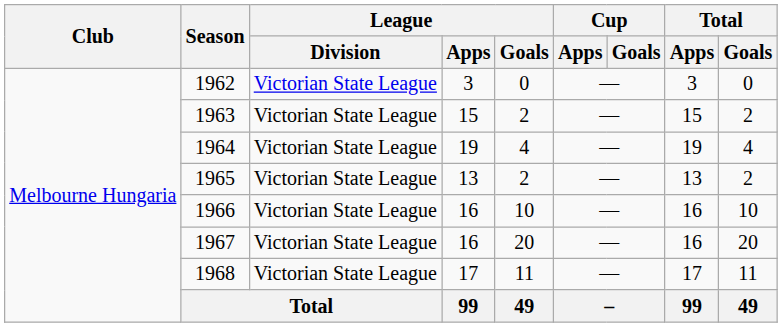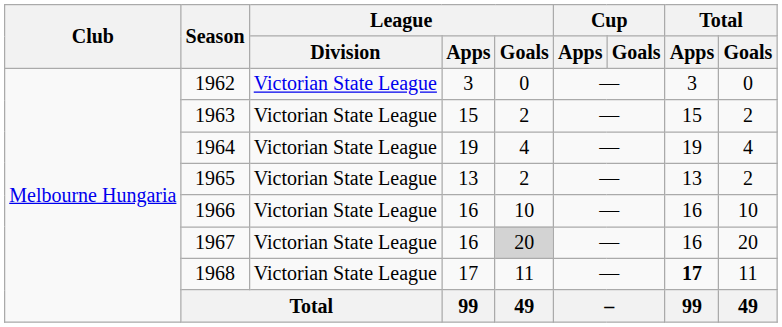 <table class="wikitable" style="text-align:center">
 <tr>
 <th rowspan=2>Club</th>
 <th rowspan=2>Season</th>
 <th colspan=3>League</th>
 <th colspan=2>Cup</th>
 <th colspan=2>Total</th>
 </tr>
 <tr>
 <th>Division</th>
 <th>Apps</th>
 <th>Goals</th>
 <th>Apps</th>
 <th>Goals</th>
 <th>Apps</th>
 <th>Goals</th>
 </tr>
 <tr>
 <td rowspan="8"><a href='#'>Melbourne Hungaria</a></td>
 <td>1962</td>
 <td><a href='#'>Victorian State League</a></td>
 <td>3</td>
 <td>0</td>
 <td colspan=2>—</td>
 <td>3</td>
 <td>0</td>
 </tr>
 <tr>
 <td>1963</td>
 <td>Victorian State League</td>
 <td>15</td>
 <td>2</td>
 <td colspan=2>—</td>
 <td>15</td>
 <td>2</td>
 </tr>
 <tr>
 <td>1964</td>
 <td>Victorian State League</td>
 <td>19</td>
 <td>4</td>
 <td colspan=2>—</td>
 <td>19</td>
 <td>4</td>
 </tr>
 <tr>
 <td>1965</td>
 <td>Victorian State League</td>
 <td>13</td>
 <td>2</td>
 <td colspan=2>—</td>
 <td>13</td>
 <td>2</td>
 </tr>
 <tr>
 <td>1966</td>
 <td>Victorian State League</td>
 <td>16</td>
 <td>10</td>
 <td colspan=2>—</td>
 <td>16</td>
 <td>10</td>
 </tr>
 <tr>
 <td>1967</td>
 <td>Victorian State League</td>
 <td>16</td>
-<td>20</td>
+<td style="background: lightgrey;">20</td>
 <td colspan=2>—</td>
 <td>16</td>
 <td>20</td>
 </tr>
 <tr>
 <td>1968</td>
 <td>Victorian State League</td>
 <td>17</td>
 <td>11</td>
 <td colspan=2>—</td>
-<td>17</td>
+<td><strong>17</strong></td>
 <td>11</td>
 </tr>
 <tr>
 <th colspan=2>Total</th>
 <th>99</th>
 <th>49</th>
 <th colspan=2>–</th>
 <th>99</th>
 <th>49</th>
 </tr>
 </table>
